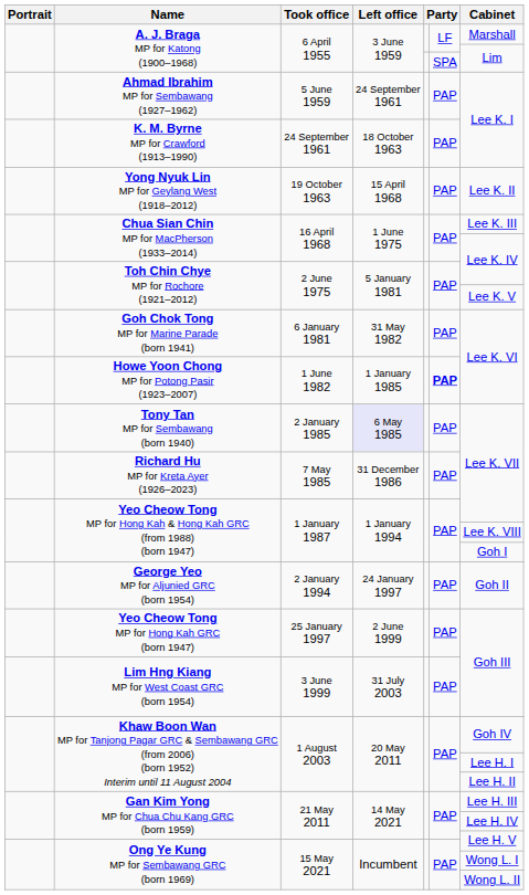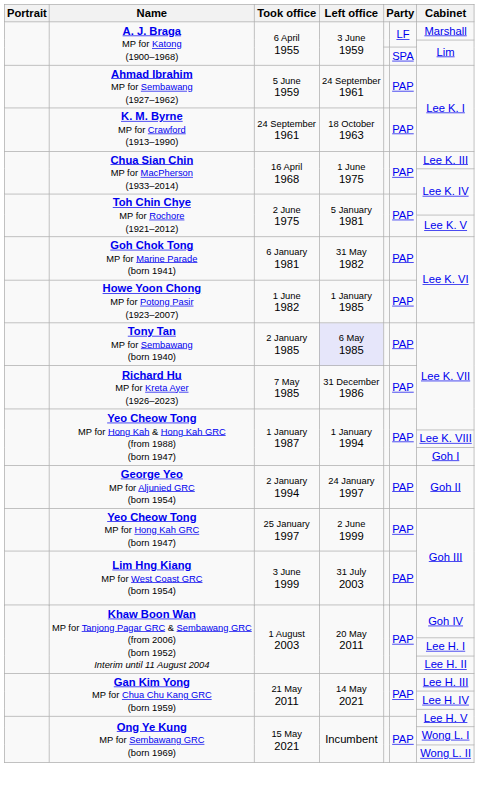 <table class="wikitable" style="text-align:center; border:1px #aaf solid;">
 <tr>
 <th>Portrait</th>
 <th>Name<br></th>
 <th width="85">Took office</th>
 <th width="85">Left office</th>
 <th colspan="2">Party</th>
 <th>Cabinet</th>
 </tr>
 <tr>
 <td rowspan="3"></td>
 <td rowspan="3"><strong><a href='#'>A. J. Braga</a></strong><br><small>MP for <a href='#'>Katong</a></small><br><small>(1900–1968)</small></td>
 <td rowspan="3"><small>6 April</small><br>1955</td>
 <td rowspan="3"><small>3 June</small><br>1959</td>
 <td rowspan="2" style="background:"></td>
 <td rowspan="2"><a href='#'>LF</a></td>
 <td><a href='#'>Marshall</a></td>
 </tr>
 <tr>
 <td rowspan="2"><a href='#'>Lim</a></td>
 </tr>
 <tr>
 <td style="background:"></td>
 <td><a href='#'>SPA</a></td>
 </tr>
 <tr>
 <td></td>
 <td><a href='#'><strong>Ahmad Ibrahim</strong></a><br><small>MP for <a href='#'>Sembawang</a></small><br><small>(1927–1962)</small></td>
 <td><small>5 June</small><br>1959</td>
 <td><small>24 September</small><br>1961</td>
 <td style="background:"></td>
 <td><a href='#'>PAP</a></td>
 <td rowspan="2"><a href='#'>Lee K. I</a></td>
 </tr>
 <tr>
 <td></td>
 <td><strong><a href='#'>K. M. Byrne</a></strong><br><small>MP for <a href='#'>Crawford</a></small><br><small>(1913–1990)</small></td>
 <td><small>24 September</small><br>1961</td>
 <td><small>18 October</small><br>1963</td>
 <td style="background:"></td>
 <td><a href='#'>PAP</a></td>
 </tr>
 <tr>
-<td></td>
-<td><strong><a href='#'>Yong Nyuk Lin</a></strong><br><small>MP for <a href='#'>Geylang West</a></small><br><small>(1918–2012)</small></td>
-<td><small>19 October</small><br>1963</td>
-<td><small>15 April</small><br>1968</td>
-<td style="background:"></td>
-<td><a href='#'>PAP</a></td>
-<td><a href='#'>Lee K. II</a></td>
-</tr>
-<tr>
 <td rowspan="2"></td>
 <td rowspan="2"><strong><a href='#'>Chua Sian Chin</a></strong><br><small>MP for <a href='#'>MacPherson</a></small><br><small>(1933–2014)</small></td>
 <td rowspan="2"><small>16 April</small><br>1968</td>
 <td rowspan="2"><small>1 June</small><br>1975</td>
 <td rowspan="2" style="background:"></td>
 <td rowspan="2"><a href='#'>PAP</a></td>
 <td><a href='#'>Lee K. III</a></td>
 </tr>
 <tr>
 <td rowspan="2"><a href='#'>Lee K. IV</a></td>
 </tr>
 <tr style="height:30px;">
 <td rowspan="2"></td>
 <td rowspan="2"><strong><a href='#'>Toh Chin Chye</a></strong><br><small>MP for <a href='#'>Rochore</a></small><br><small>(1921–2012)</small></td>
 <td rowspan="2"><small>2 June</small><br>1975</td>
 <td rowspan="2"><small>5 January</small><br>1981</td>
 <td rowspan="2" style="background:"></td>
 <td rowspan="2"><a href='#'>PAP</a></td>
 </tr>
 <tr>
 <td><a href='#'>Lee K. V</a></td>
 </tr>
 <tr>
 <td></td>
 <td><strong><a href='#'>Goh Chok Tong</a></strong><br><small>MP for <a href='#'>Marine Parade</a></small><br><small>(born 1941)</small></td>
 <td><small>6 January</small><br>1981</td>
 <td><small>31 May</small><br>1982</td>
 <td style="background:"></td>
 <td><a href='#'>PAP</a></td>
 <td rowspan="2"><a href='#'>Lee K. VI</a></td>
 </tr>
 <tr>
 <td></td>
 <td><strong><a href='#'>Howe Yoon Chong</a></strong><br><small>MP for <a href='#'>Potong Pasir</a></small><br><small>(1923–2007)</small></td>
 <td><small>1 June</small><br>1982</td>
 <td><small>1 January</small><br>1985</td>
 <td style="background:"></td>
-<td><strong><a href='#'>PAP</a></strong></td>
+<td><a href='#'>PAP</a></td>
 </tr>
 <tr>
 <td></td>
 <td><strong><a href='#'>Tony Tan</a></strong><br><small>MP for <a href='#'>Sembawang</a></small><br><small>(born 1940)</small></td>
 <td><small>2 January</small><br>1985</td>
 <td style="background: lavender;"><small>6 May</small><br>1985</td>
 <td style="background:"></td>
 <td><a href='#'>PAP</a></td>
 <td rowspan="3"><a href='#'>Lee K. VII</a></td>
 </tr>
 <tr>
 <td></td>
 <td><strong><a href='#'>Richard Hu</a></strong><br><small>MP for <a href='#'>Kreta Ayer</a></small><br><small>(1926–2023)</small></td>
 <td><small>7 May</small><br>1985</td>
 <td><small>31 December</small><br>1986</td>
 <td style="background:"></td>
 <td><a href='#'>PAP</a></td>
 </tr>
 <tr style="height:30px;">
 <td rowspan="4"></td>
 <td rowspan="4"><strong><a href='#'>Yeo Cheow Tong</a></strong><br><small>MP for <a href='#'>Hong Kah</a> & <a href='#'>Hong Kah GRC</a></small><br><small>(from 1988)</small><br><small>(born 1947)</small></td>
 <td rowspan="4"><small>1 January</small><br>1987</td>
 <td rowspan="4"><small>1 January</small><br>1994</td>
 <td rowspan="4" style="background:"></td>
 <td rowspan="4"><a href='#'>PAP</a></td>
 </tr>
 <tr>
 <td><a href='#'>Lee K. VIII</a></td>
 </tr>
 <tr>
 <td><a href='#'>Goh I</a></td>
 </tr>
 <tr>
 <td rowspan="2"><a href='#'>Goh II</a></td>
 </tr>
 <tr>
 <td></td>
 <td><strong><a href='#'>George Yeo</a></strong><br><small>MP for <a href='#'>Aljunied GRC</a></small><br><small>(born 1954)</small></td>
 <td><small>2 January</small><br>1994</td>
 <td><small>24 January</small><br>1997</td>
 <td style="background:"></td>
 <td><a href='#'>PAP</a></td>
 </tr>
 <tr>
 <td></td>
 <td><strong><a href='#'>Yeo Cheow Tong</a></strong><br><small>MP for <a href='#'>Hong Kah GRC</a></small><br><small>(born 1947)</small></td>
 <td><small>25 January</small><br>1997</td>
 <td><small>2 June</small><br>1999</td>
 <td style="background:"></td>
 <td><a href='#'>PAP</a></td>
 <td rowspan="2"><a href='#'>Goh III</a></td>
 </tr>
 <tr style="height:77px;">
 <td rowspan="2"></td>
 <td rowspan="2"><strong><a href='#'>Lim Hng Kiang</a></strong><br><small>MP for <a href='#'>West Coast GRC</a></small><br><small>(born 1954)</small></td>
 <td rowspan="2"><small>3 June</small><br>1999</td>
 <td rowspan="2"><small>31 July</small><br>2003</td>
 <td rowspan="2" style="background:"></td>
 <td rowspan="2"><a href='#'>PAP</a></td>
 </tr>
 <tr>
 <td rowspan="2"><a href='#'>Goh IV</a></td>
 </tr>
 <tr style="height:47px;">
 <td rowspan="3"></td>
 <td rowspan="3"><strong><a href='#'>Khaw Boon Wan</a></strong><br><small>MP for <a href='#'>Tanjong Pagar GRC</a> & <a href='#'>Sembawang GRC</a></small><br><small>(from 2006)</small><br><small>(born 1952)</small><br><small><em>Interim until 11 August 2004</em></small></td>
 <td rowspan="3"><small>1 August</small><br>2003</td>
 <td rowspan="3"><small>20 May</small><br>2011</td>
 <td rowspan="3" style="background:"></td>
 <td rowspan="3"><a href='#'>PAP</a></td>
 </tr>
 <tr>
 <td><a href='#'>Lee H. I</a></td>
 </tr>
 <tr>
 <td><a href='#'>Lee H. II</a></td>
 </tr>
 <tr>
 <td rowspan="3"></td>
 <td rowspan="3"><strong><a href='#'>Gan Kim Yong</a></strong><br><small>MP for <a href='#'>Chua Chu Kang GRC</a></small><br><small>(born 1959)</small></td>
 <td rowspan="3"><small>21 May</small><br>2011</td>
 <td rowspan="3"><small>14 May</small><br>2021</td>
 <td rowspan="3" style="background:"></td>
 <td rowspan="3"><a href='#'>PAP</a></td>
 <td><a href='#'>Lee H. III</a></td>
 </tr>
 <tr>
 <td><a href='#'>Lee H. IV</a></td>
 </tr>
 <tr>
 <td rowspan="2"><a href='#'>Lee H. V</a></td>
 </tr>
 <tr>
 <td rowspan="3"></td>
 <td rowspan="3"><strong><a href='#'>Ong Ye Kung</a></strong><br><small>MP for <a href='#'>Sembawang GRC</a></small><br><small>(born 1969)</small></td>
 <td rowspan="3"><small>15 May</small><br>2021</td>
 <td rowspan="3">Incumbent</td>
 <td rowspan="3" style="background:"></td>
 <td rowspan="3"><a href='#'>PAP</a></td>
 </tr>
 <tr>
 <td><a href='#'>Wong L. I</a></td>
 </tr>
 <tr>
 <td><a href='#'>Wong L. II</a></td>
 </tr>
 </table>
